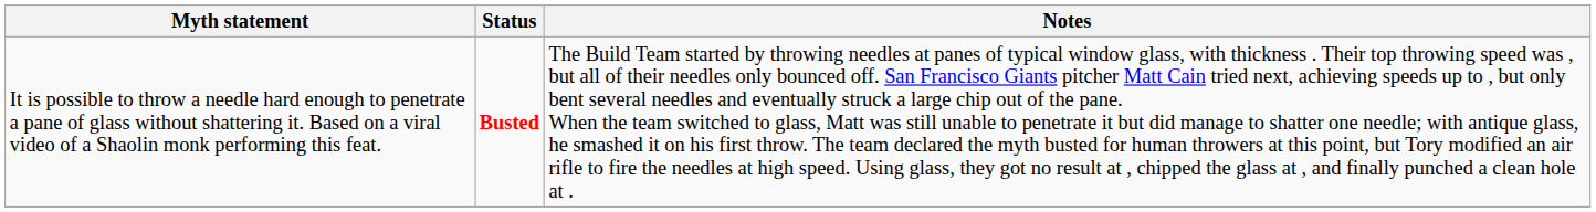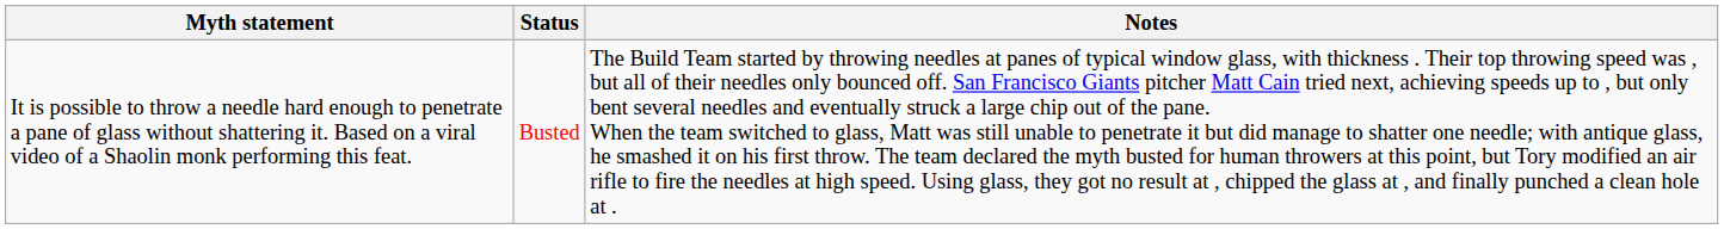 <table class="wikitable plainrowheaders">
 <tr>
 <th>Myth statement</th>
 <th>Status</th>
 <th>Notes</th>
 </tr>
 <tr>
 <td>It is possible to throw a needle hard enough to penetrate a pane of glass without shattering it. Based on a viral video of a Shaolin monk performing this feat.</td>
-<td style="color:red"><strong>Busted</strong></td>
+<td style="color:red">Busted</td>
 <td>The Build Team started by throwing needles at panes of typical window glass, with thickness . Their top throwing speed was , but all of their needles only bounced off. <a href='#'>San Francisco Giants</a> pitcher <a href='#'>Matt Cain</a> tried next, achieving speeds up to , but only bent several needles and eventually struck a large chip out of the pane.<br>When the team switched to  glass, Matt was still unable to penetrate it but did manage to shatter one needle; with  antique glass, he smashed it on his first throw. The team declared the myth busted for human throwers at this point, but Tory modified an air rifle to fire the needles at high speed. Using  glass, they got no result at , chipped the glass at , and finally punched a clean hole at .</td>
 </tr>
 </table>
